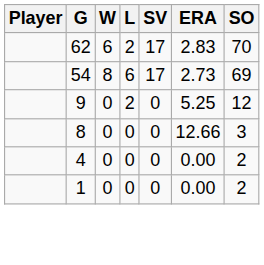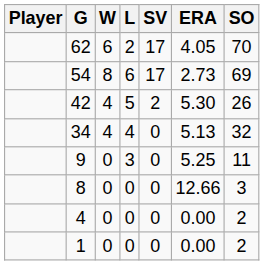 <table class="wikitable sortable">
 <tr>
 <th>Player</th>
 <th>G</th>
 <th>W</th>
 <th>L</th>
 <th>SV</th>
 <th>ERA</th>
 <th>SO</th>
 </tr>
 <tr align="center">
 <td></td>
 <td>62</td>
 <td>6</td>
 <td>2</td>
 <td>17</td>
-<td>2.83</td>
+<td>4.05</td>
 <td>70</td>
 </tr>
 <tr align="center">
 <td></td>
 <td>54</td>
 <td>8</td>
 <td>6</td>
 <td>17</td>
 <td>2.73</td>
 <td>69</td>
 </tr>
 <tr align="center">
 <td></td>
+<td>42</td>
+<td>4</td>
+<td>5</td>
+<td>2</td>
+<td>5.30</td>
+<td>26</td>
+</tr>
+<tr align="center">
+<td></td>
+<td>34</td>
+<td>4</td>
+<td>4</td>
+<td>0</td>
+<td>5.13</td>
+<td>32</td>
+</tr>
+<tr align="center">
+<td></td>
 <td>9</td>
 <td>0</td>
-<td>2</td>
+<td>3</td>
 <td>0</td>
 <td>5.25</td>
-<td>12</td>
+<td>11</td>
 </tr>
 <tr align="center">
 <td></td>
 <td>8</td>
 <td>0</td>
 <td>0</td>
 <td>0</td>
 <td>12.66</td>
 <td>3</td>
 </tr>
 <tr align="center">
 <td></td>
 <td>4</td>
 <td>0</td>
 <td>0</td>
 <td>0</td>
 <td>0.00</td>
 <td>2</td>
 </tr>
 <tr align="center">
 <td></td>
 <td>1</td>
 <td>0</td>
 <td>0</td>
 <td>0</td>
 <td>0.00</td>
 <td>2</td>
 </tr>
 </table>
